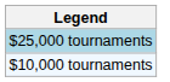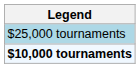 <table class="wikitable" style="font-size:85%">
 <tr>
 <th>Legend</th>
 </tr>
 <tr style="background:lightblue;">
 <td>$25,000 tournaments</td>
 </tr>
 <tr style="background:#f0f8ff;">
-<td>$10,000 tournaments</td>
+<td><strong>$10,000 tournaments</strong></td>
 </tr>
 </table>
